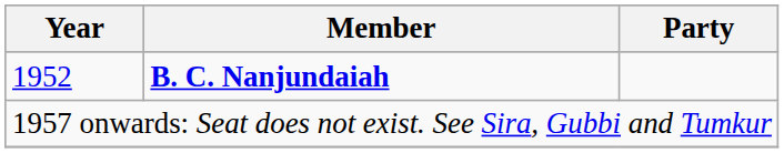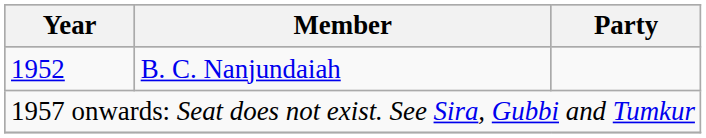 <table class="wikitable sortable">
 <tr>
 <th>Year</th>
 <th>Member</th>
 <th colspan="2">Party</th>
 </tr>
 <tr>
 <td><a href='#'>1952</a></td>
-<td><strong><a href='#'>B. C. Nanjundaiah</a></strong></td>
+<td><a href='#'>B. C. Nanjundaiah</a></td>
 <td></td>
 </tr>
 <tr>
 <td colspan="6" align="center">1957 onwards: <em>Seat does not exist. See <a href='#'>Sira</a>, <a href='#'>Gubbi</a> and <a href='#'>Tumkur</a></em></td>
 </tr>
 <tr>
 </tr>
 </table>
